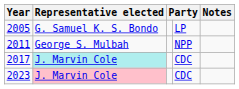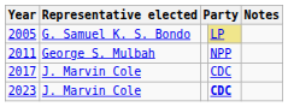 <table class="wikitable">
 <tr>
 <th>Year</th>
 <th>Representative elected</th>
 <th colspan=2>Party</th>
 <th>Notes</th>
 </tr>
 <tr>
 <td><a href='#'>2005</a></td>
 <td><a href='#'>G. Samuel K. S. Bondo</a></td>
 <td></td>
-<td><a href='#'>LP</a></td>
+<td style="background: khaki;"><a href='#'>LP</a></td>
 <td></td>
 </tr>
 <tr>
 <td><a href='#'>2011</a></td>
 <td><a href='#'>George S. Mulbah</a></td>
 <td></td>
 <td><a href='#'>NPP</a></td>
 <td></td>
 </tr>
 <tr>
 <td><a href='#'>2017</a></td>
-<td style="background: paleturquoise;"><a href='#'>J. Marvin Cole</a></td>
+<td><a href='#'>J. Marvin Cole</a></td>
 <td></td>
 <td><a href='#'>CDC</a></td>
 <td></td>
 </tr>
 <tr>
 <td><a href='#'>2023</a></td>
-<td style="background: pink;"><a href='#'>J. Marvin Cole</a></td>
+<td><a href='#'>J. Marvin Cole</a></td>
 <td></td>
-<td><a href='#'>CDC</a></td>
+<td><strong><a href='#'>CDC</a></strong></td>
 <td></td>
 </tr>
 </table>
